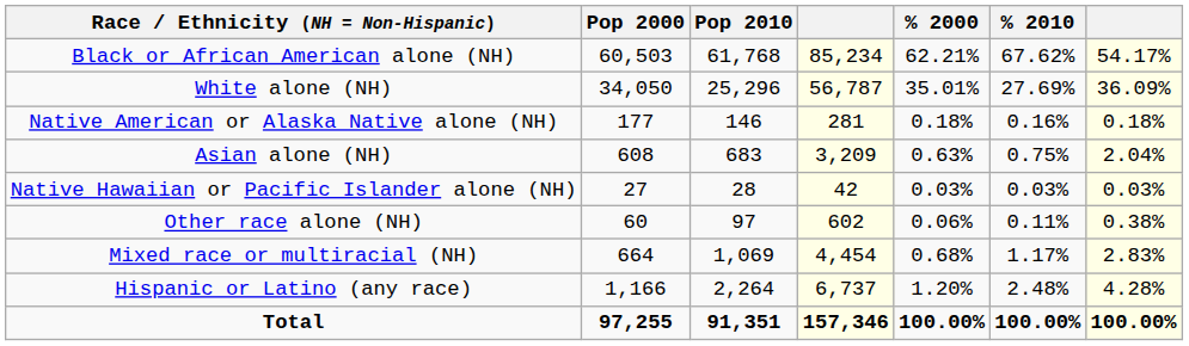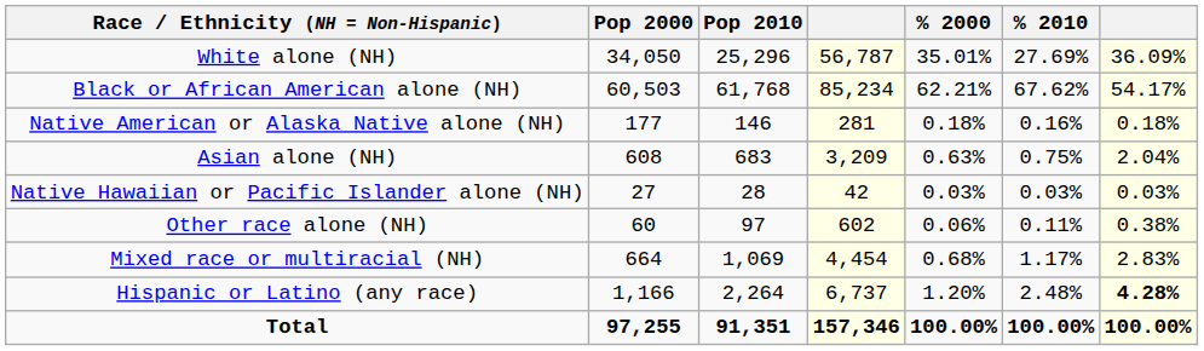 <table class="wikitable" style="text-align:center;">
 <tr>
 <th>Race / Ethnicity <small>(<em>NH = Non-Hispanic</em>)</small></th>
 <th>Pop 2000</th>
 <th>Pop 2010</th>
 <th></th>
 <th>% 2000</th>
 <th>% 2010</th>
 <th></th>
 </tr>
 <tr>
+<td><a href='#'>White</a> alone (NH)</td>
+<td>34,050</td>
+<td>25,296</td>
+<td style='background: #ffffe6;'>56,787</td>
+<td>35.01%</td>
+<td>27.69%</td>
+<td style='background: #ffffe6;'>36.09%</td>
+</tr>
+<tr>
 <td><a href='#'>Black or African American</a> alone (NH)</td>
 <td>60,503</td>
 <td>61,768</td>
 <td style='background: #ffffe6;'>85,234</td>
 <td>62.21%</td>
 <td>67.62%</td>
 <td style='background: #ffffe6;'>54.17%</td>
-</tr>
-<tr>
-<td><a href='#'>White</a> alone (NH)</td>
-<td>34,050</td>
-<td>25,296</td>
-<td style='background: #ffffe6;'>56,787</td>
-<td>35.01%</td>
-<td>27.69%</td>
-<td style='background: #ffffe6;'>36.09%</td>
 </tr>
 <tr>
 <td><a href='#'>Native American</a> or <a href='#'>Alaska Native</a> alone (NH)</td>
 <td>177</td>
 <td>146</td>
 <td style='background: #ffffe6;'>281</td>
 <td>0.18%</td>
 <td>0.16%</td>
 <td style='background: #ffffe6;'>0.18%</td>
 </tr>
 <tr>
 <td><a href='#'>Asian</a> alone (NH)</td>
 <td>608</td>
 <td>683</td>
 <td style='background: #ffffe6;'>3,209</td>
 <td>0.63%</td>
 <td>0.75%</td>
 <td style='background: #ffffe6;'>2.04%</td>
 </tr>
 <tr>
 <td><a href='#'>Native Hawaiian</a> or <a href='#'>Pacific Islander</a> alone (NH)</td>
 <td>27</td>
 <td>28</td>
 <td style='background: #ffffe6;'>42</td>
 <td>0.03%</td>
 <td>0.03%</td>
 <td style='background: #ffffe6;'>0.03%</td>
 </tr>
 <tr>
 <td><a href='#'>Other race</a> alone (NH)</td>
 <td>60</td>
 <td>97</td>
 <td style='background: #ffffe6;'>602</td>
 <td>0.06%</td>
 <td>0.11%</td>
 <td style='background: #ffffe6;'>0.38%</td>
 </tr>
 <tr>
 <td><a href='#'>Mixed race or multiracial</a> (NH)</td>
 <td>664</td>
 <td>1,069</td>
 <td style='background: #ffffe6;'>4,454</td>
 <td>0.68%</td>
 <td>1.17%</td>
 <td style='background: #ffffe6;'>2.83%</td>
 </tr>
 <tr>
 <td><a href='#'>Hispanic or Latino</a> (any race)</td>
 <td>1,166</td>
 <td>2,264</td>
 <td style='background: #ffffe6;'>6,737</td>
 <td>1.20%</td>
 <td>2.48%</td>
-<td style='background: #ffffe6;'>4.28%</td>
+<td style='background: #ffffe6;'><strong>4.28%</strong></td>
 </tr>
 <tr>
 <td><strong>Total</strong></td>
 <td><strong>97,255</strong></td>
 <td><strong>91,351</strong></td>
 <td style='background: #ffffe6;'><strong>157,346</strong></td>
 <td><strong>100.00%</strong></td>
 <td><strong>100.00%</strong></td>
 <td style='background: #ffffe6;'><strong>100.00%</strong></td>
 </tr>
 </table>
